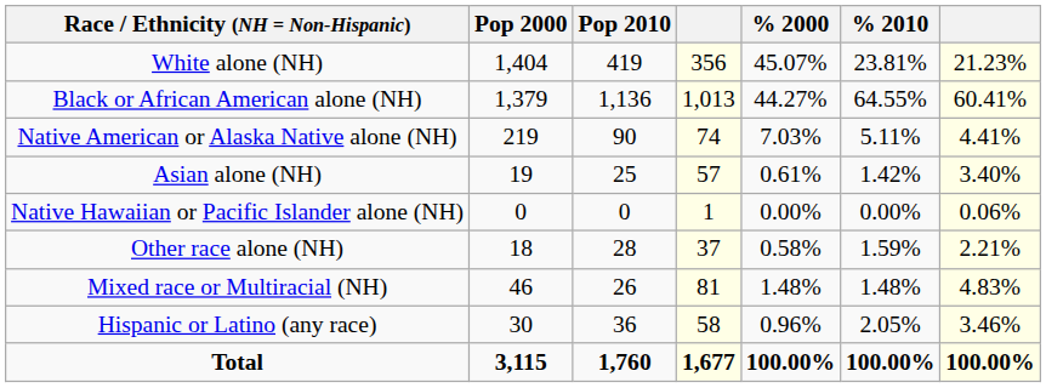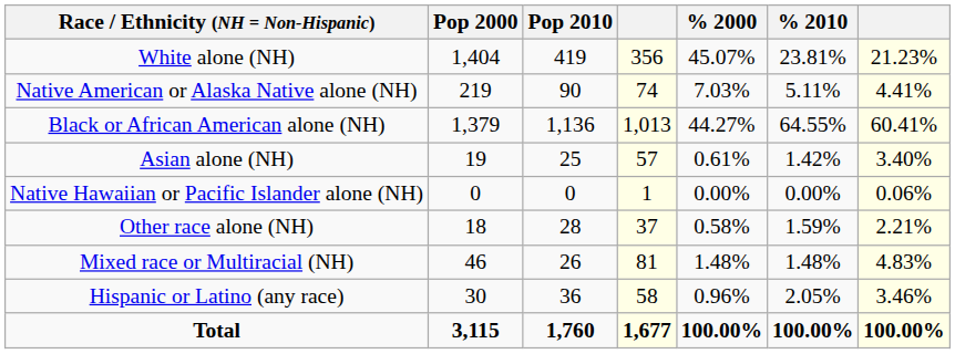 <table class="wikitable" style="text-align:center;">
 <tr>
 <th>Race / Ethnicity <small>(<em>NH = Non-Hispanic</em>)</small></th>
 <th>Pop 2000</th>
 <th>Pop 2010</th>
 <th></th>
 <th>% 2000</th>
 <th>% 2010</th>
 <th></th>
 </tr>
 <tr>
 <td><a href='#'>White</a> alone (NH)</td>
 <td>1,404</td>
 <td>419</td>
 <td style='background: #ffffe6;'>356</td>
 <td>45.07%</td>
 <td>23.81%</td>
 <td style='background: #ffffe6;'>21.23%</td>
 </tr>
 <tr>
+<td><a href='#'>Native American</a> or <a href='#'>Alaska Native</a> alone (NH)</td>
+<td>219</td>
+<td>90</td>
+<td style='background: #ffffe6;'>74</td>
+<td>7.03%</td>
+<td>5.11%</td>
+<td style='background: #ffffe6;'>4.41%</td>
+</tr>
+<tr>
 <td><a href='#'>Black or African American</a> alone (NH)</td>
 <td>1,379</td>
 <td>1,136</td>
 <td style='background: #ffffe6;'>1,013</td>
 <td>44.27%</td>
 <td>64.55%</td>
 <td style='background: #ffffe6;'>60.41%</td>
-</tr>
-<tr>
-<td><a href='#'>Native American</a> or <a href='#'>Alaska Native</a> alone (NH)</td>
-<td>219</td>
-<td>90</td>
-<td style='background: #ffffe6;'>74</td>
-<td>7.03%</td>
-<td>5.11%</td>
-<td style='background: #ffffe6;'>4.41%</td>
 </tr>
 <tr>
 <td><a href='#'>Asian</a> alone (NH)</td>
 <td>19</td>
 <td>25</td>
 <td style='background: #ffffe6;'>57</td>
 <td>0.61%</td>
 <td>1.42%</td>
 <td style='background: #ffffe6;'>3.40%</td>
 </tr>
 <tr>
 <td><a href='#'>Native Hawaiian</a> or <a href='#'>Pacific Islander</a> alone (NH)</td>
 <td>0</td>
 <td>0</td>
 <td style='background: #ffffe6;'>1</td>
 <td>0.00%</td>
 <td>0.00%</td>
 <td style='background: #ffffe6;'>0.06%</td>
 </tr>
 <tr>
 <td><a href='#'>Other race</a> alone (NH)</td>
 <td>18</td>
 <td>28</td>
 <td style='background: #ffffe6;'>37</td>
 <td>0.58%</td>
 <td>1.59%</td>
 <td style='background: #ffffe6;'>2.21%</td>
 </tr>
 <tr>
 <td><a href='#'>Mixed race or Multiracial</a> (NH)</td>
 <td>46</td>
 <td>26</td>
 <td style='background: #ffffe6;'>81</td>
 <td>1.48%</td>
 <td>1.48%</td>
 <td style='background: #ffffe6;'>4.83%</td>
 </tr>
 <tr>
 <td><a href='#'>Hispanic or Latino</a> (any race)</td>
 <td>30</td>
 <td>36</td>
 <td style='background: #ffffe6;'>58</td>
 <td>0.96%</td>
 <td>2.05%</td>
 <td style='background: #ffffe6;'>3.46%</td>
 </tr>
 <tr>
 <td><strong>Total</strong></td>
 <td><strong>3,115</strong></td>
 <td><strong>1,760</strong></td>
 <td style='background: #ffffe6;'><strong>1,677</strong></td>
 <td><strong>100.00%</strong></td>
 <td><strong>100.00%</strong></td>
 <td style='background: #ffffe6;'><strong>100.00%</strong></td>
 </tr>
 </table>
